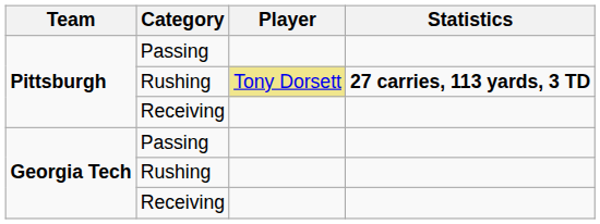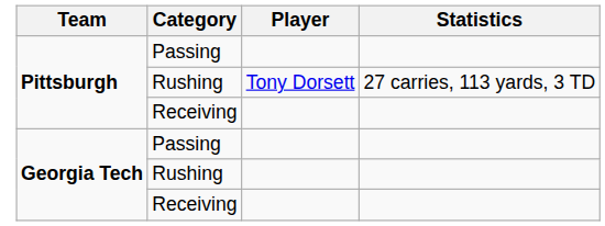 <table class="wikitable" style="float: right;">
 <tr>
 <th>Team</th>
 <th>Category</th>
 <th>Player</th>
 <th>Statistics</th>
 </tr>
 <tr>
 <td rowspan=3><strong>Pittsburgh</strong></td>
 <td>Passing</td>
 <td></td>
 <td></td>
 </tr>
 <tr>
 <td>Rushing</td>
-<td style="background: khaki;"><a href='#'>Tony Dorsett</a></td>
-<td><strong>27 carries, 113 yards, 3 TD</strong></td>
+<td><a href='#'>Tony Dorsett</a></td>
+<td>27 carries, 113 yards, 3 TD</td>
 </tr>
 <tr>
 <td>Receiving</td>
 <td></td>
 <td></td>
 </tr>
 <tr>
 <td rowspan=3><strong>Georgia Tech</strong></td>
 <td>Passing</td>
 <td></td>
 <td></td>
 </tr>
 <tr>
 <td>Rushing</td>
 <td></td>
 <td></td>
 </tr>
 <tr>
 <td>Receiving</td>
 <td></td>
 <td></td>
 </tr>
 </table>
